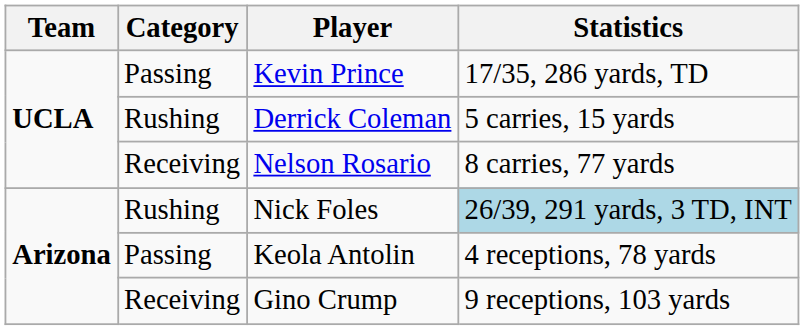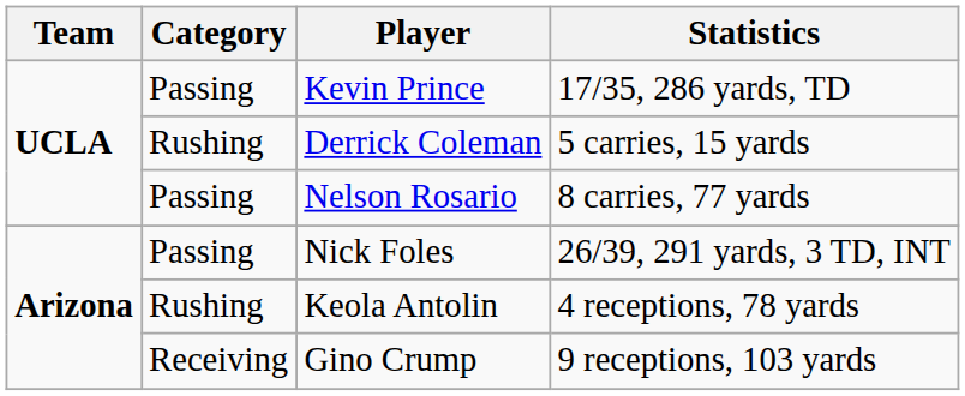 <table class="wikitable" style="float: right;">
 <tr>
 <th>Team</th>
 <th>Category</th>
 <th>Player</th>
 <th>Statistics</th>
 </tr>
 <tr>
 <td rowspan=3><strong>UCLA</strong></td>
 <td>Passing</td>
 <td><a href='#'>Kevin Prince</a></td>
 <td>17/35, 286 yards, TD</td>
 </tr>
 <tr>
 <td>Rushing</td>
 <td><a href='#'>Derrick Coleman</a></td>
 <td>5 carries, 15 yards</td>
 </tr>
 <tr>
-<td>Receiving</td>
+<td>Passing</td>
 <td><a href='#'>Nelson Rosario</a></td>
 <td>8 carries, 77 yards</td>
 </tr>
 <tr>
 <td rowspan=3><strong>Arizona</strong></td>
-<td>Rushing</td>
+<td>Passing</td>
 <td>Nick Foles</td>
-<td style="background: lightblue;">26/39, 291 yards, 3 TD, INT</td>
+<td>26/39, 291 yards, 3 TD, INT</td>
 </tr>
 <tr>
-<td>Passing</td>
+<td>Rushing</td>
 <td>Keola Antolin</td>
 <td>4 receptions, 78 yards</td>
 </tr>
 <tr>
 <td>Receiving</td>
 <td>Gino Crump</td>
 <td>9 receptions, 103 yards</td>
 </tr>
 </table>
